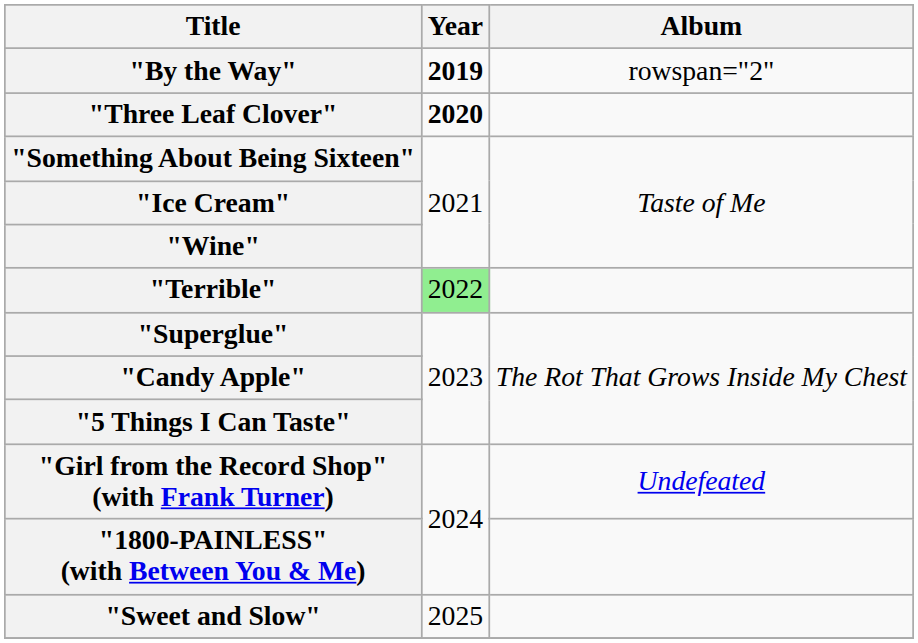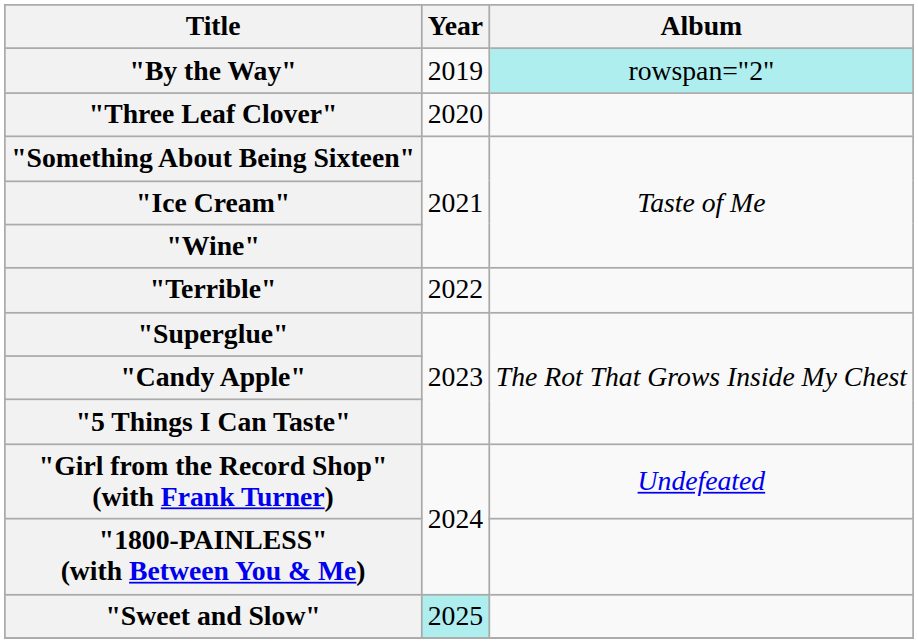 <table class="wikitable plainrowheaders" style="text-align:center;">
 <tr>
 <th scope="col" rowspan="1">Title</th>
 <th scope="col" rowspan="1">Year</th>
 <th scope="col" rowspan="1">Album</th>
 </tr>
 <tr>
 <th scope="row">"By the Way"</th>
-<td><strong>2019</strong></td>
-<td>rowspan="2" </td>
+<td>2019</td>
+<td style="background: paleturquoise;">rowspan="2" </td>
 </tr>
 <tr>
 <th scope="row">"Three Leaf Clover"</th>
-<td><strong>2020</strong></td>
+<td>2020</td>
 </tr>
 <tr>
 <th scope="row">"Something About Being Sixteen"</th>
 <td rowspan="3">2021</td>
 <td rowspan="3"><em>Taste of Me</em></td>
 </tr>
 <tr>
 <th scope="row">"Ice Cream"</th>
 </tr>
 <tr>
 <th scope="row">"Wine"</th>
 </tr>
 <tr>
 <th scope="row">"Terrible"</th>
-<td style="background: lightgreen;">2022</td>
+<td>2022</td>
 <td></td>
 </tr>
 <tr>
 <th scope="row">"Superglue"</th>
 <td rowspan="3">2023</td>
 <td rowspan="3"><em>The Rot That Grows Inside My Chest</em></td>
 </tr>
 <tr>
 <th scope="row">"Candy Apple"</th>
 </tr>
 <tr>
 <th scope="row">"5 Things I Can Taste"</th>
 </tr>
 <tr>
 <th scope="row">"Girl from the Record Shop"<br> (with <a href='#'>Frank Turner</a>)</th>
 <td rowspan="2">2024</td>
 <td><em><a href='#'>Undefeated</a></em></td>
 </tr>
 <tr>
 <th scope="row">"1800-PAINLESS"<br> (with <a href='#'>Between You & Me</a>)</th>
 <td></td>
 </tr>
 <tr>
 <th scope="row">"Sweet and Slow"</th>
-<td>2025</td>
+<td style="background: paleturquoise;">2025</td>
 <td></td>
 </tr>
 <tr>
 </tr>
 </table>
